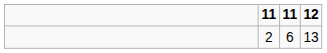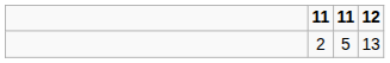 <table class="wikitable">
 <tr>
 <td style="width:18em"></td>
 <td align=center style="width:1em"><strong>11</strong></td>
 <td align=center style="width:1em"><strong>11</strong></td>
 <td align=center style="width:1em"><strong>12</strong></td>
 </tr>
 <tr>
 <td style="width:18em"></td>
 <td align=center style="width:1em">2</td>
-<td align=center style="width:1em">6</td>
+<td align=center style="width:1em">5</td>
 <td align=center style="width:1em">13</td>
 </tr>
 </table>
